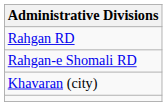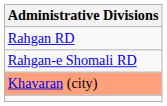 <table class="wikitable">
 <tr>
 <th>Administrative Divisions</th>
 </tr>
 <tr>
 <td><a href='#'>Rahgan RD</a></td>
 </tr>
 <tr>
 <td><a href='#'>Rahgan-e Shomali RD</a></td>
 </tr>
 <tr>
-<td><a href='#'>Khavaran</a> (city)</td>
+<td style="background: lightsalmon;"><a href='#'>Khavaran</a> (city)</td>
 </tr>
 <tr>
 <td colspan=1></td>
 </tr>
 </table>
